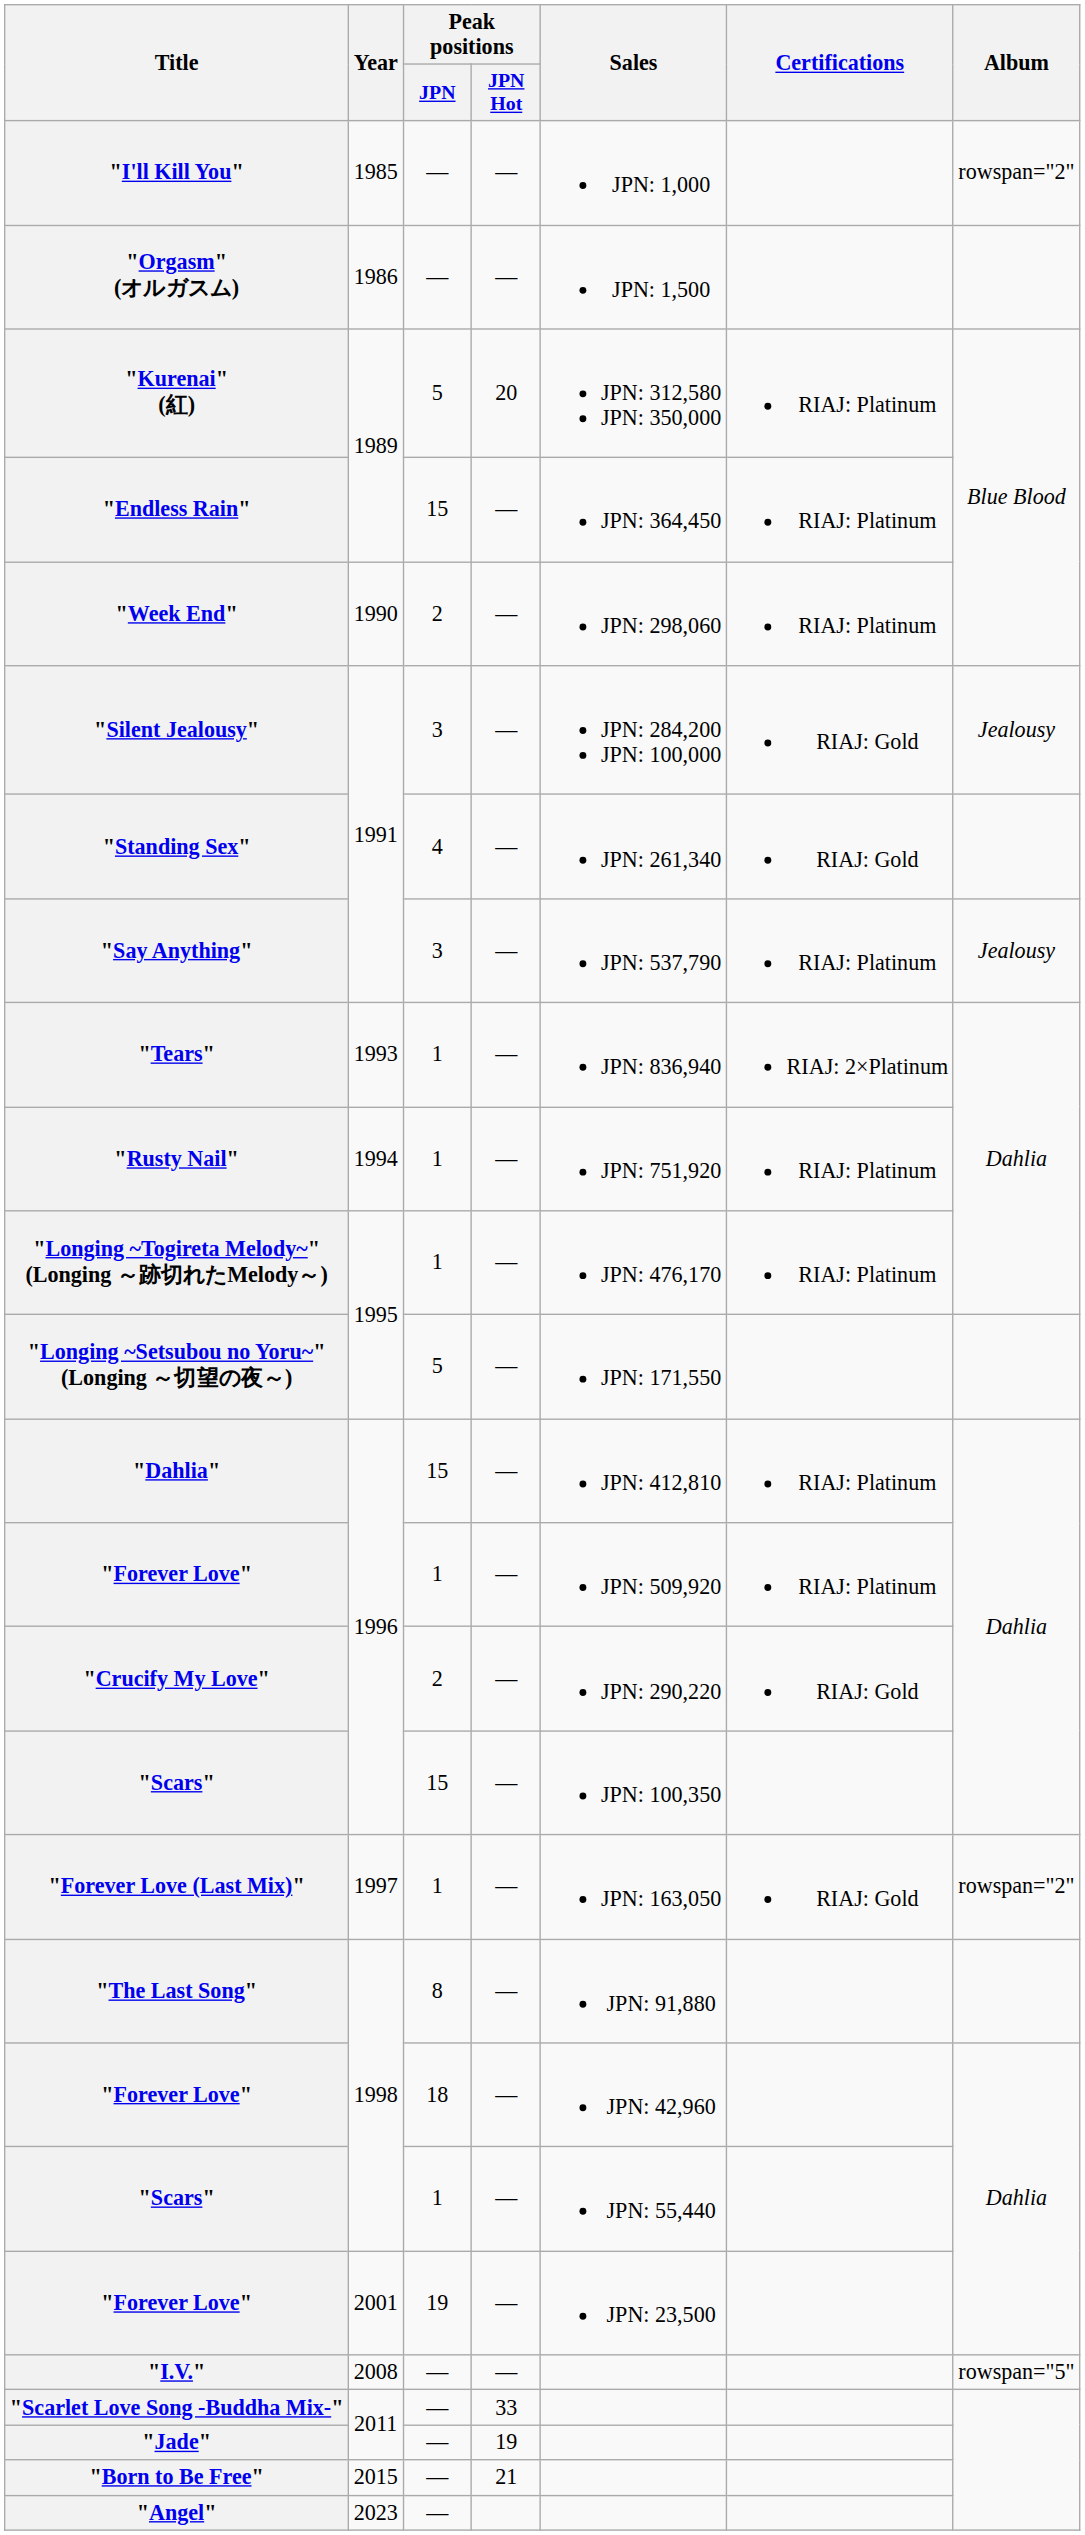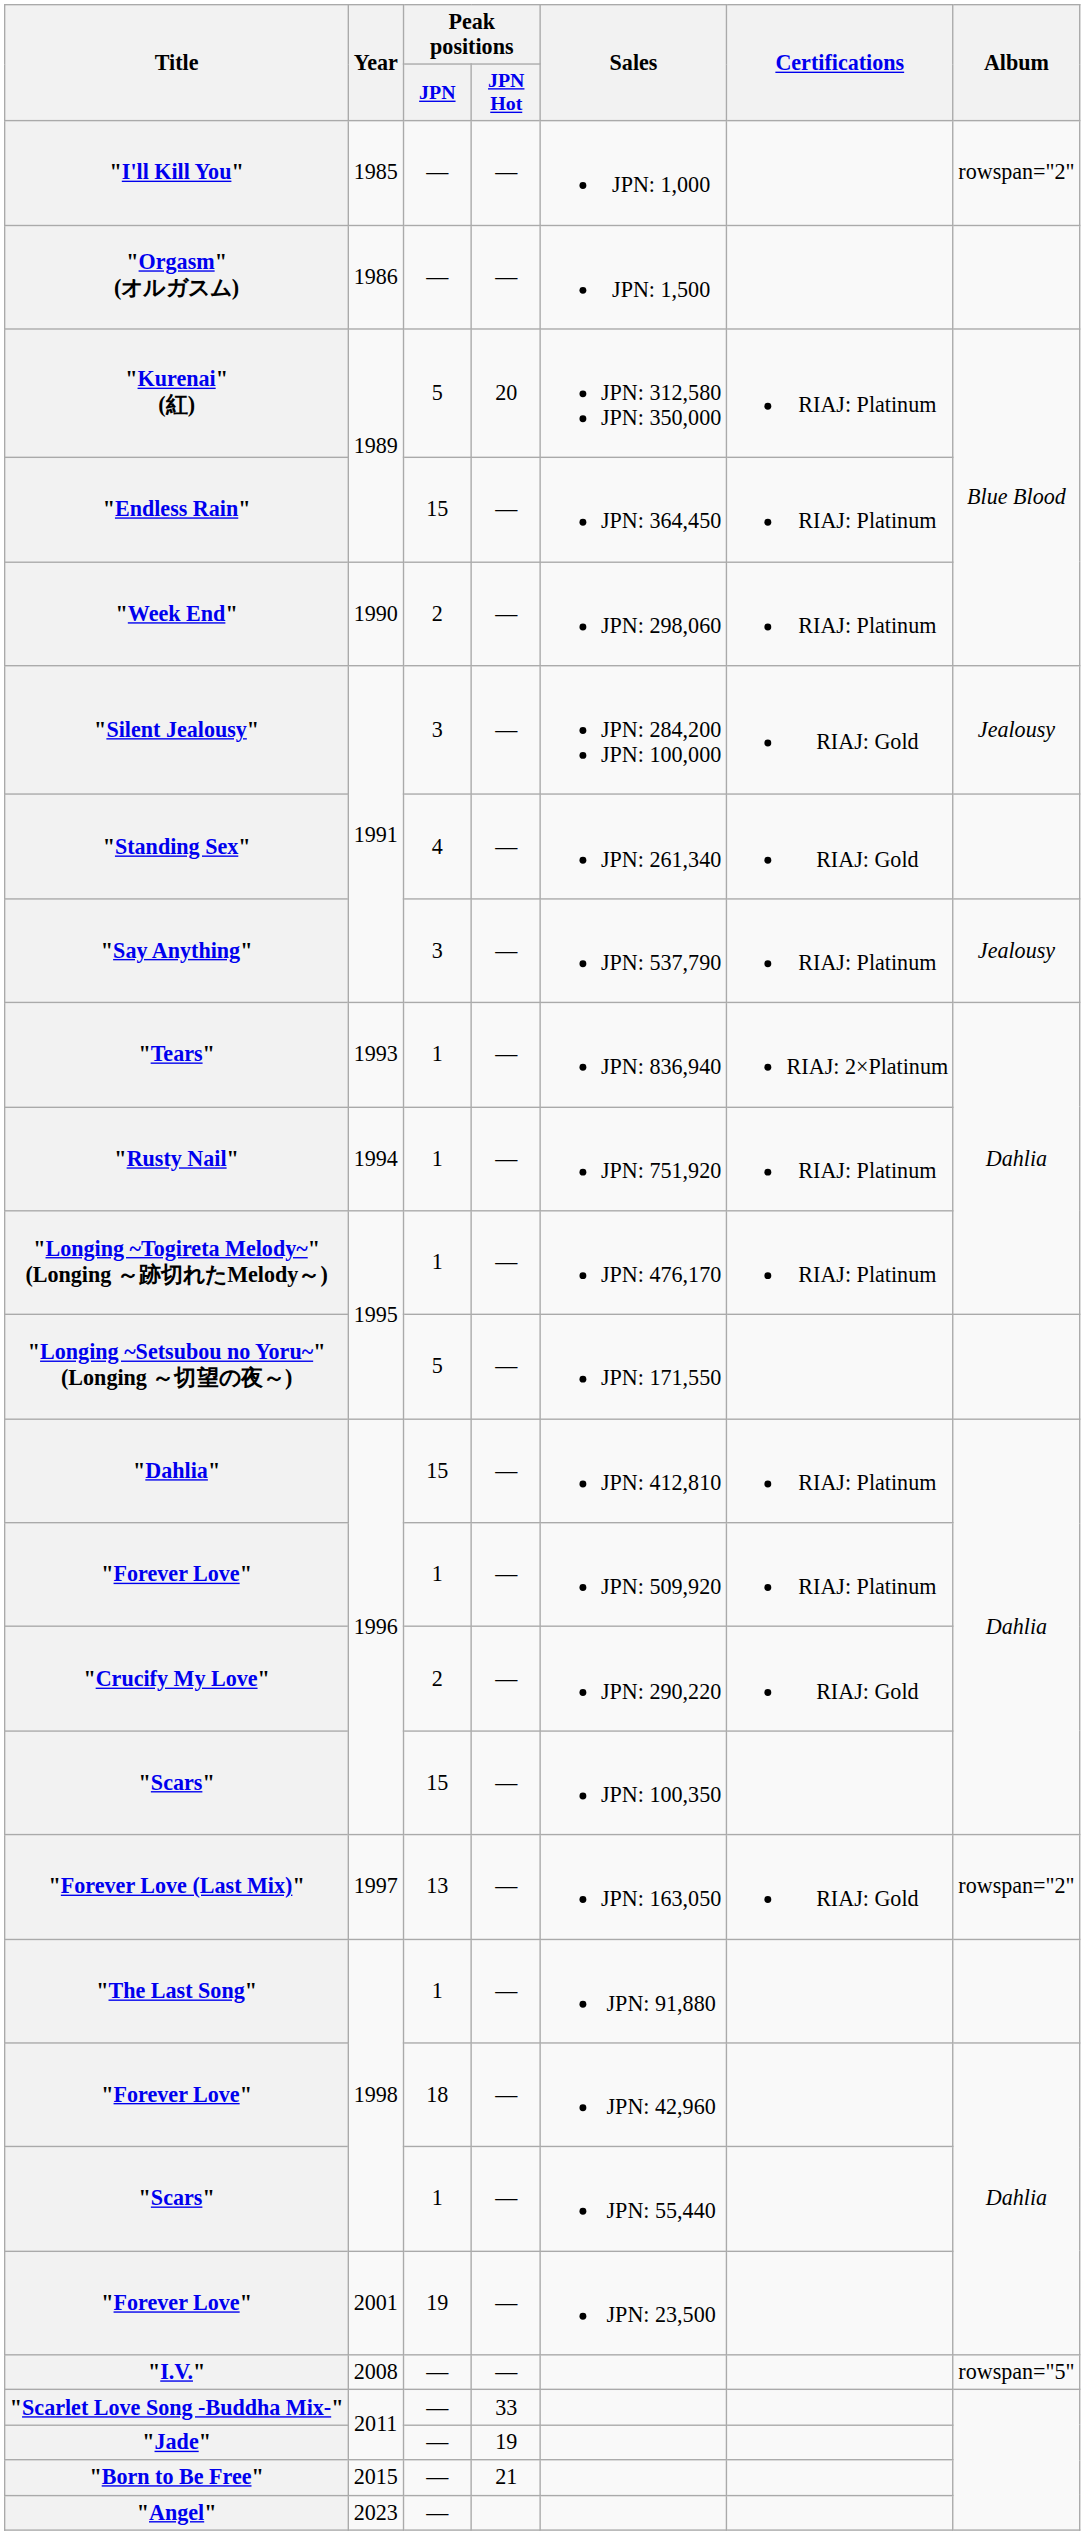 <table class="wikitable plainrowheaders" style="text-align:center;">
 <tr>
 <th rowspan="2" scope="col">Title</th>
 <th rowspan="2" scope="col">Year</th>
 <th scope="col" colspan="2">Peak positions</th>
 <th rowspan="2" scope="col">Sales</th>
 <th rowspan="2" scope="col"><a href='#'>Certifications</a></th>
 <th rowspan="2" scope="col">Album</th>
 </tr>
 <tr>
 <th scope="col" style="width:3em;font-size:90%;"><a href='#'>JPN</a><br></th>
 <th scope="col" style="width:3em;font-size:90%;"><a href='#'>JPN Hot</a><br></th>
 </tr>
 <tr>
 <th scope="row">"<a href='#'>I'll Kill You</a>"</th>
 <td align="center" rowspan="1">1985</td>
 <td align="center">—</td>
 <td align="center">—</td>
 <td><br><ul><li>JPN: 1,000</li></ul></td>
 <td></td>
 <td>rowspan="2" </td>
 </tr>
 <tr>
 <th scope="row">"<a href='#'>Orgasm</a>" <br>(オルガスム)</th>
 <td align="center" rowspan="1">1986</td>
 <td align="center">—</td>
 <td align="center">—</td>
 <td><br><ul><li>JPN: 1,500</li></ul></td>
 <td></td>
 </tr>
 <tr>
 <th scope="row">"<a href='#'>Kurenai</a>" <br>(紅)</th>
 <td align="center" rowspan="2">1989</td>
 <td align="center">5</td>
 <td align="center">20</td>
 <td><br><ul><li>JPN: 312,580 </li><li>JPN: 350,000 </li></ul></td>
 <td><br><ul><li>RIAJ: Platinum</li></ul></td>
 <td align="center" rowspan="3"><em>Blue Blood</em></td>
 </tr>
 <tr>
 <th scope="row">"<a href='#'>Endless Rain</a>"</th>
 <td align="center">15</td>
 <td align="center">—</td>
 <td><br><ul><li>JPN: 364,450</li></ul></td>
 <td><br><ul><li>RIAJ: Platinum</li></ul></td>
 </tr>
 <tr>
 <th scope="row">"<a href='#'>Week End</a>"</th>
 <td align="center" rowspan="1">1990</td>
 <td align="center">2</td>
 <td align="center">—</td>
 <td><br><ul><li>JPN: 298,060</li></ul></td>
 <td><br><ul><li>RIAJ: Platinum</li></ul></td>
 </tr>
 <tr>
 <th scope="row">"<a href='#'>Silent Jealousy</a>"</th>
 <td align="center" rowspan="3">1991</td>
 <td align="center">3</td>
 <td align="center">—</td>
 <td><br><ul><li>JPN: 284,200 </li><li>JPN: 100,000 </li></ul></td>
 <td><br><ul><li>RIAJ: Gold</li></ul></td>
 <td align="center" rowspan="1"><em>Jealousy</em></td>
 </tr>
 <tr>
 <th scope="row">"<a href='#'>Standing Sex</a>"</th>
 <td align="center">4</td>
 <td align="center">—</td>
 <td><br><ul><li>JPN: 261,340</li></ul></td>
 <td><br><ul><li>RIAJ: Gold</li></ul></td>
 <td></td>
 </tr>
 <tr>
 <th scope="row">"<a href='#'>Say Anything</a>"</th>
 <td align="center">3</td>
 <td align="center">—</td>
 <td><br><ul><li>JPN: 537,790</li></ul></td>
 <td><br><ul><li>RIAJ: Platinum</li></ul></td>
 <td align="center" rowspan="1"><em>Jealousy</em></td>
 </tr>
 <tr>
 <th scope="row">"<a href='#'>Tears</a>"</th>
 <td align="center" rowspan="1">1993</td>
 <td align="center">1</td>
 <td align="center">—</td>
 <td><br><ul><li>JPN: 836,940</li></ul></td>
 <td><br><ul><li>RIAJ: 2×Platinum</li></ul></td>
 <td align="center" rowspan="3"><em>Dahlia</em></td>
 </tr>
 <tr>
 <th scope="row">"<a href='#'>Rusty Nail</a>"</th>
 <td align="center" rowspan="1">1994</td>
 <td align="center">1</td>
 <td align="center">—</td>
 <td><br><ul><li>JPN: 751,920</li></ul></td>
 <td><br><ul><li>RIAJ: Platinum</li></ul></td>
 </tr>
 <tr>
 <th scope="row">"<a href='#'>Longing ~Togireta Melody~</a>" <br>(Longing ～跡切れたMelody～)</th>
 <td align="center" rowspan="2">1995</td>
 <td align="center">1</td>
 <td align="center">—</td>
 <td><br><ul><li>JPN: 476,170</li></ul></td>
 <td><br><ul><li>RIAJ: Platinum</li></ul></td>
 </tr>
 <tr>
 <th scope="row">"<a href='#'>Longing ~Setsubou no Yoru~</a>" <br>(Longing ～切望の夜～)</th>
 <td align="center">5</td>
 <td align="center">—</td>
 <td><br><ul><li>JPN: 171,550</li></ul></td>
 <td></td>
 <td></td>
 </tr>
 <tr>
 <th scope="row">"<a href='#'>Dahlia</a>"</th>
 <td align="center" rowspan="4">1996</td>
 <td align="center">15</td>
 <td align="center">—</td>
 <td><br><ul><li>JPN: 412,810</li></ul></td>
 <td><br><ul><li>RIAJ: Platinum</li></ul></td>
 <td align="center" rowspan="4"><em>Dahlia</em></td>
 </tr>
 <tr>
 <th scope="row">"<a href='#'>Forever Love</a>"</th>
 <td align="center">1</td>
 <td align="center">—</td>
 <td><br><ul><li>JPN: 509,920</li></ul></td>
 <td><br><ul><li>RIAJ: Platinum</li></ul></td>
 </tr>
 <tr>
 <th scope="row">"<a href='#'>Crucify My Love</a>"</th>
 <td align="center">2</td>
 <td align="center">—</td>
 <td><br><ul><li>JPN: 290,220</li></ul></td>
 <td><br><ul><li>RIAJ: Gold</li></ul></td>
 </tr>
 <tr>
 <th scope="row">"<a href='#'>Scars</a>"</th>
 <td align="center">15</td>
 <td align="center">—</td>
 <td><br><ul><li>JPN: 100,350</li></ul></td>
 <td></td>
 </tr>
 <tr>
 <th scope="row">"<a href='#'>Forever Love (Last Mix)</a>"</th>
 <td align="center" rowspan="1">1997</td>
-<td align="center">1</td>
+<td align="center">13</td>
 <td align="center">—</td>
 <td><br><ul><li>JPN: 163,050</li></ul></td>
 <td><br><ul><li>RIAJ: Gold</li></ul></td>
 <td>rowspan="2" </td>
 </tr>
 <tr>
 <th scope="row">"<a href='#'>The Last Song</a>"</th>
 <td align="center" rowspan="3">1998</td>
-<td align="center">8</td>
+<td align="center">1</td>
 <td align="center">—</td>
 <td><br><ul><li>JPN: 91,880</li></ul></td>
 <td></td>
 </tr>
 <tr>
 <th scope="row">"<a href='#'>Forever Love</a>" </th>
 <td align="center">18</td>
 <td align="center">—</td>
 <td><br><ul><li>JPN: 42,960</li></ul></td>
 <td></td>
 <td align="center" rowspan="3"><em>Dahlia</em></td>
 </tr>
 <tr>
 <th scope="row">"<a href='#'>Scars</a>" </th>
 <td align="center">1</td>
 <td align="center">—</td>
 <td><br><ul><li>JPN: 55,440</li></ul></td>
 <td></td>
 </tr>
 <tr>
 <th scope="row">"<a href='#'>Forever Love</a>" </th>
 <td align="center" rowspan="1">2001</td>
 <td align="center">19</td>
 <td align="center">—</td>
 <td><br><ul><li>JPN: 23,500</li></ul></td>
 <td></td>
 </tr>
 <tr>
 <th scope="row">"<a href='#'>I.V.</a>"</th>
 <td align="center" rowspan="1">2008</td>
 <td align="center">—</td>
 <td align="center">—</td>
 <td></td>
 <td></td>
 <td>rowspan="5" </td>
 </tr>
 <tr>
 <th scope="row">"<a href='#'>Scarlet Love Song -Buddha Mix-</a>"</th>
 <td align="center" rowspan="2">2011</td>
 <td align="center">—</td>
 <td align="center">33</td>
 <td></td>
 <td></td>
 </tr>
 <tr>
 <th scope="row">"<a href='#'>Jade</a>"</th>
 <td align="center">—</td>
 <td align="center">19</td>
 <td></td>
 <td></td>
 </tr>
 <tr>
 <th scope="row">"<a href='#'>Born to Be Free</a>"</th>
 <td align="center" rowspan="1">2015</td>
 <td align="center">—</td>
 <td align="center">21</td>
 <td></td>
 <td></td>
 </tr>
 <tr>
 <th scope="row">"<a href='#'>Angel</a>"</th>
 <td align="center" rowspan="1">2023</td>
 <td align="center">—</td>
 <td align="center"></td>
 <td></td>
 <td></td>
 </tr>
 </table>
